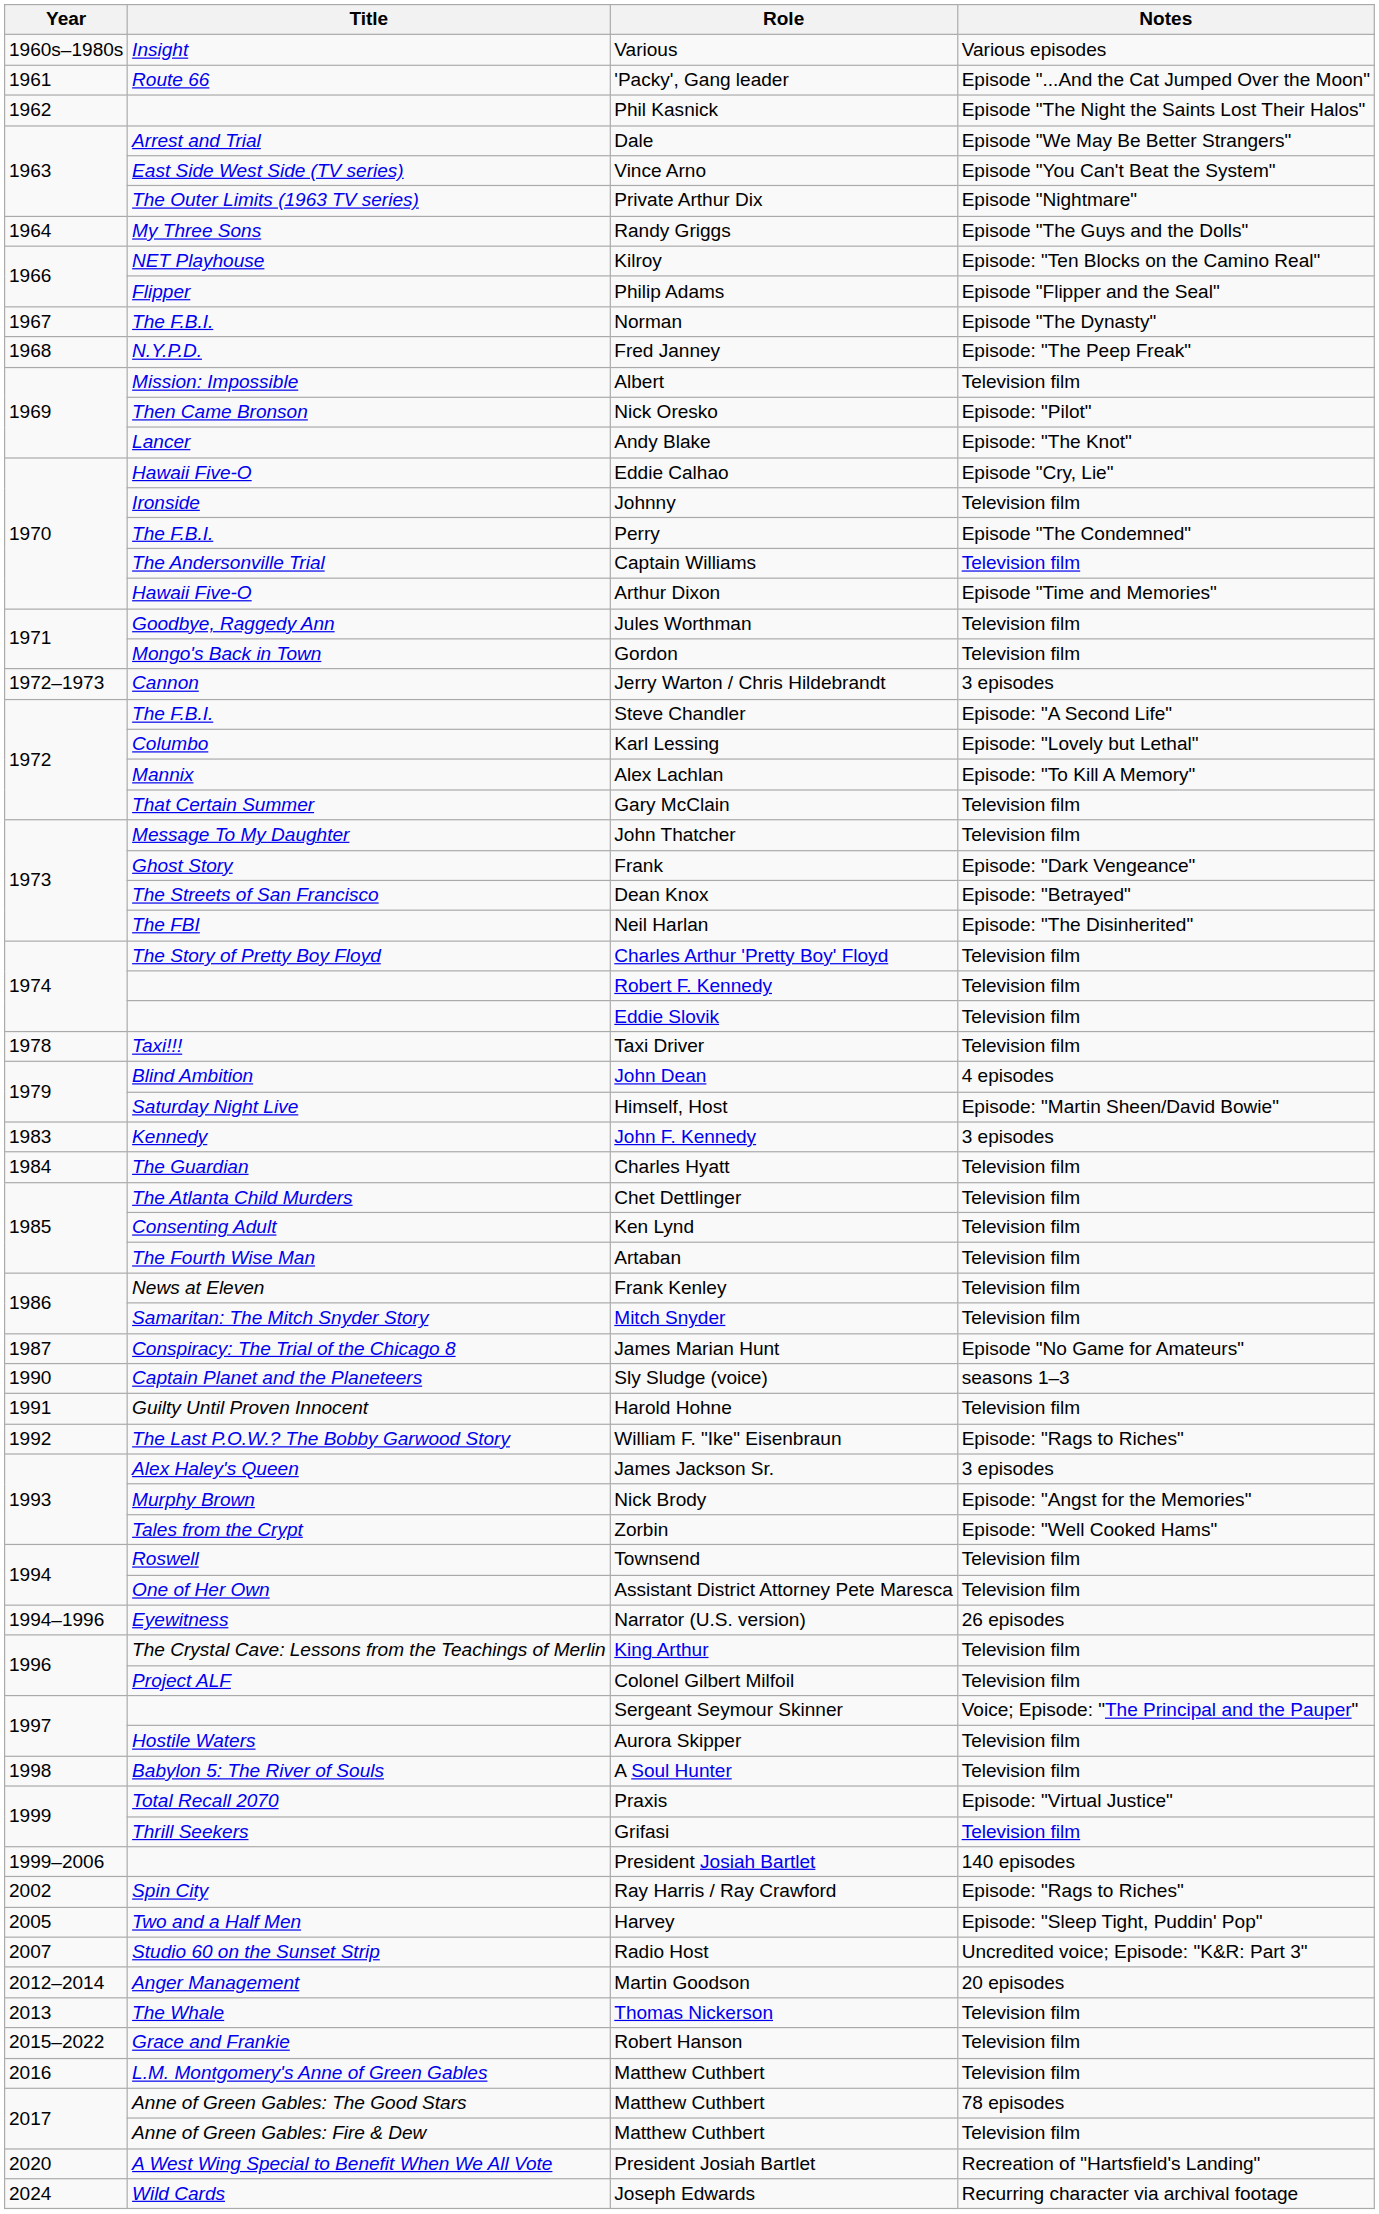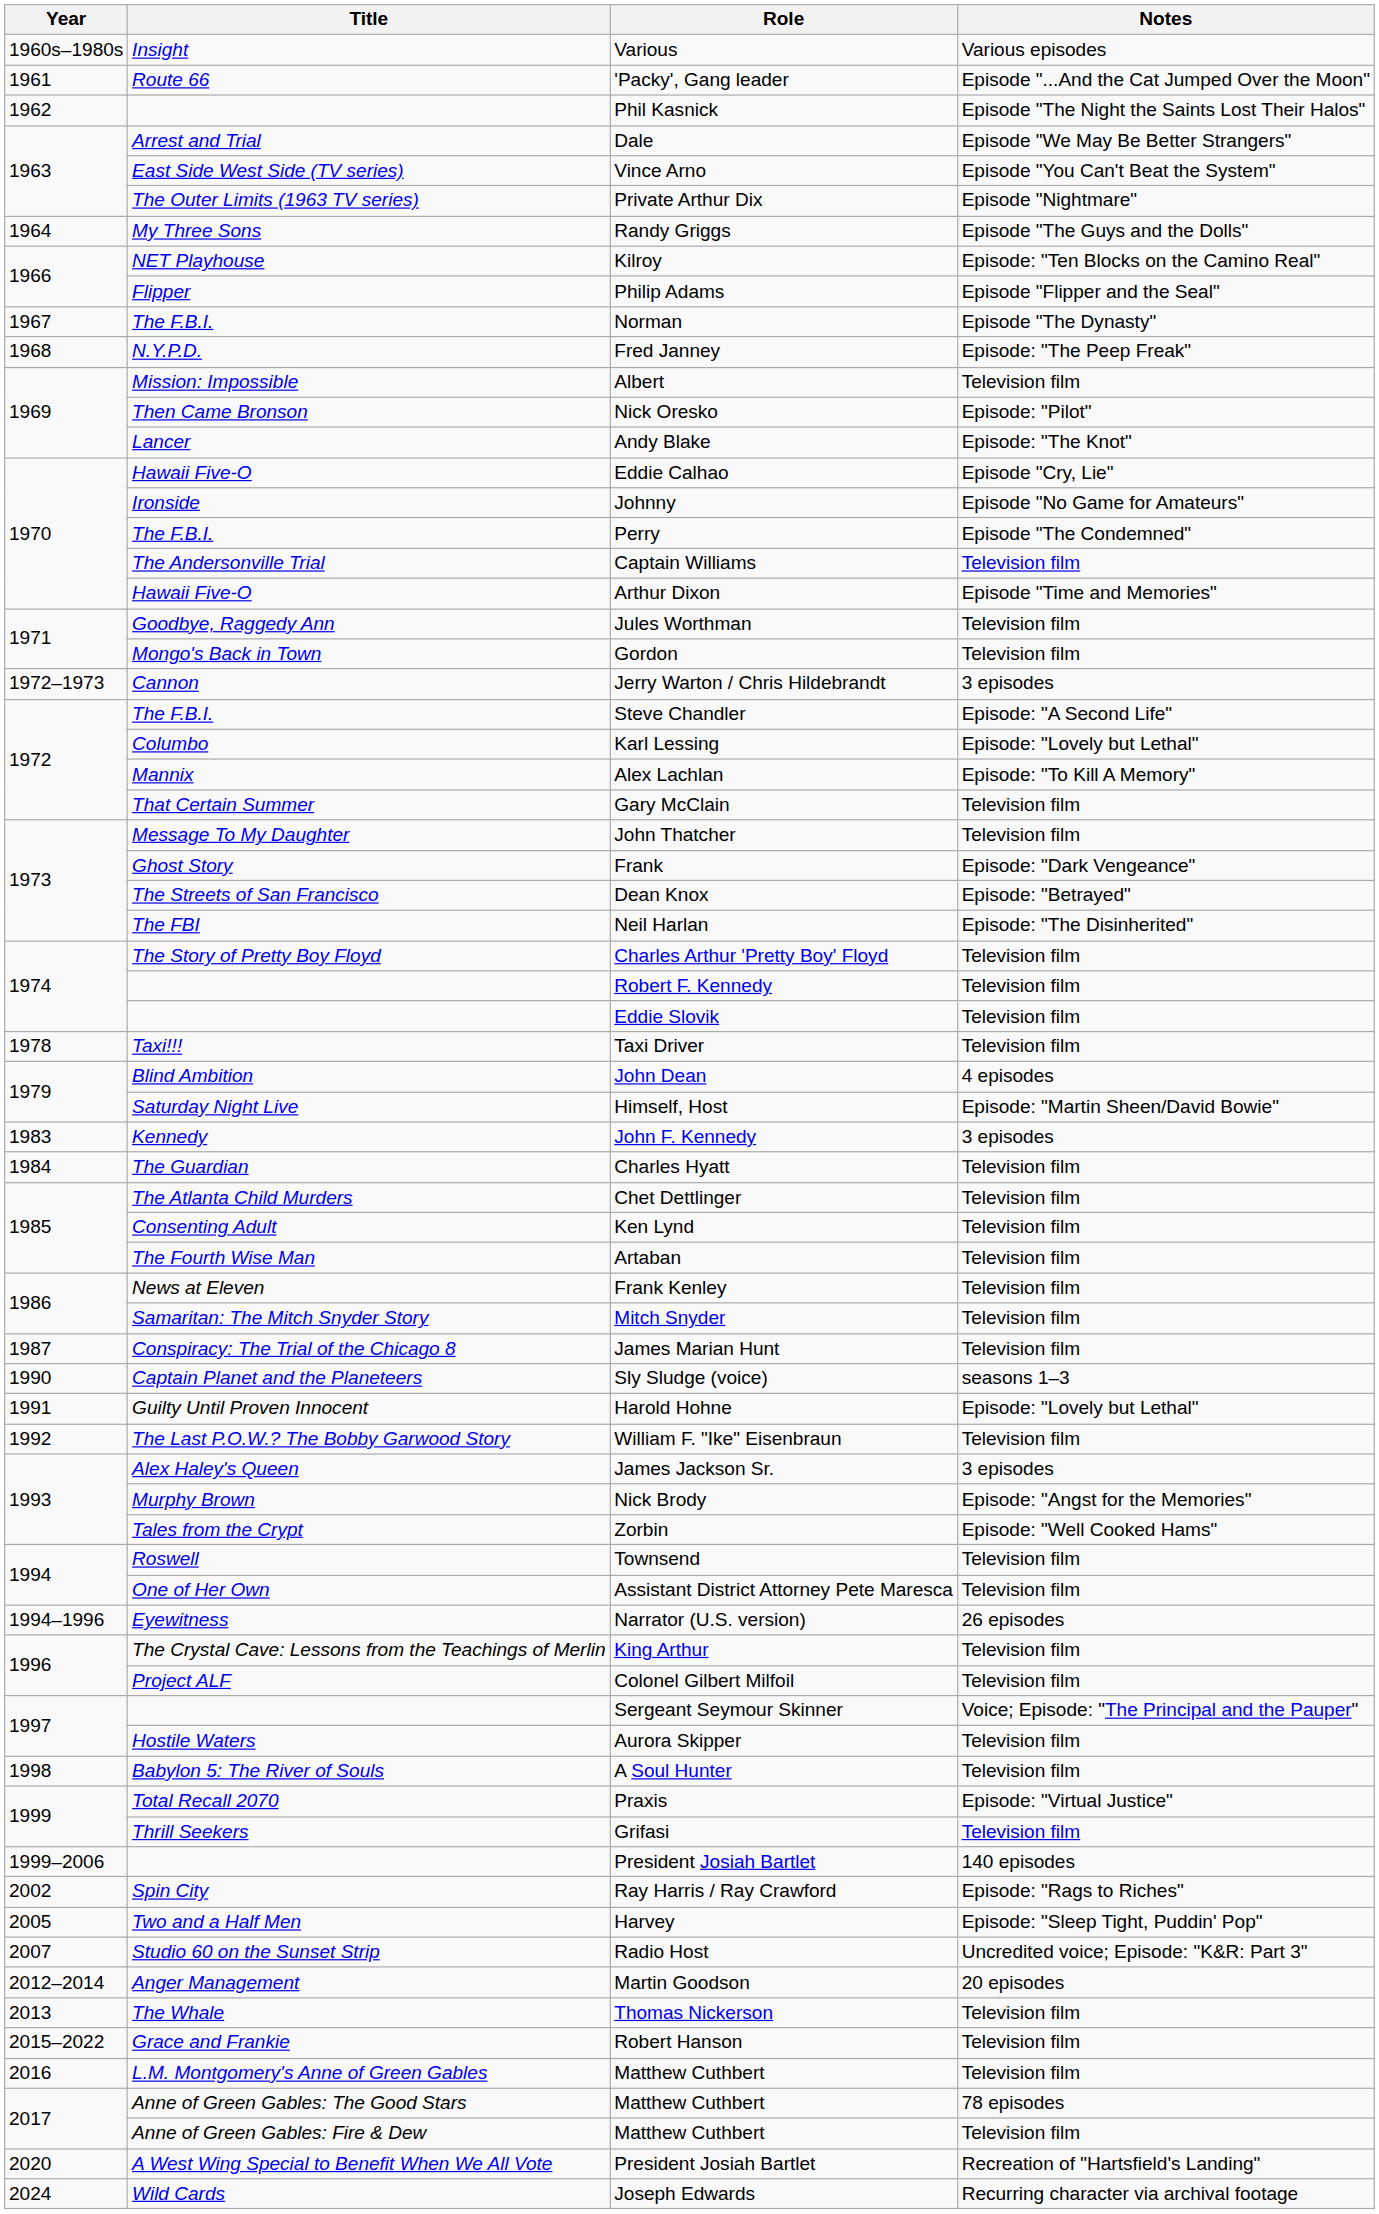 <table class="wikitable sortable">
 <tr>
 <th>Year</th>
 <th>Title</th>
 <th>Role</th>
 <th>Notes</th>
 </tr>
 <tr>
 <td>1960s–1980s</td>
 <td><em><a href='#'>Insight</a></em></td>
 <td>Various</td>
 <td>Various episodes</td>
 </tr>
 <tr>
 <td>1961</td>
 <td><em><a href='#'>Route 66</a></em></td>
 <td>'Packy', Gang leader</td>
 <td>Episode "...And the Cat Jumped Over the Moon"</td>
 </tr>
 <tr>
 <td>1962</td>
 <td><em></em></td>
 <td>Phil Kasnick</td>
 <td>Episode "The Night the Saints Lost Their Halos"</td>
 </tr>
 <tr>
 <td rowspan="3">1963</td>
 <td><em><a href='#'>Arrest and Trial</a></em></td>
 <td>Dale</td>
 <td>Episode "We May Be Better Strangers"</td>
 </tr>
 <tr>
 <td><em><a href='#'>East Side West Side (TV series)</a></em></td>
 <td>Vince Arno</td>
 <td>Episode "You Can't Beat the System"</td>
 </tr>
 <tr>
 <td><em><a href='#'>The Outer Limits (1963 TV series)</a></em></td>
 <td>Private Arthur Dix</td>
 <td>Episode "Nightmare"</td>
 </tr>
 <tr>
 <td>1964</td>
 <td><em><a href='#'>My Three Sons</a></em></td>
 <td>Randy Griggs</td>
 <td>Episode "The Guys and the Dolls"</td>
 </tr>
 <tr>
 <td rowspan="2">1966</td>
 <td><em><a href='#'>NET Playhouse</a></em></td>
 <td>Kilroy</td>
 <td>Episode: "Ten Blocks on the Camino Real"</td>
 </tr>
 <tr>
 <td><em><a href='#'>Flipper</a></em></td>
 <td>Philip Adams</td>
 <td>Episode "Flipper and the Seal"</td>
 </tr>
 <tr>
 <td>1967</td>
 <td><em><a href='#'>The F.B.I.</a></em></td>
 <td>Norman</td>
 <td>Episode "The Dynasty"</td>
 </tr>
 <tr>
 <td>1968</td>
 <td><em><a href='#'>N.Y.P.D.</a></em></td>
 <td>Fred Janney</td>
 <td>Episode: "The Peep Freak"</td>
 </tr>
 <tr>
 <td rowspan="3">1969</td>
 <td><em><a href='#'>Mission: Impossible</a></em></td>
 <td>Albert</td>
 <td>Television film</td>
 </tr>
 <tr>
 <td><em><a href='#'>Then Came Bronson</a></em></td>
 <td>Nick Oresko</td>
 <td>Episode: "Pilot"</td>
 </tr>
 <tr>
 <td><em><a href='#'>Lancer</a></em></td>
 <td>Andy Blake</td>
 <td>Episode: "The Knot"</td>
 </tr>
 <tr>
 <td rowspan="5”">1970</td>
 <td><em><a href='#'>Hawaii Five-O</a></em></td>
 <td>Eddie Calhao</td>
 <td>Episode "Cry, Lie"</td>
 </tr>
 <tr>
 <td><em><a href='#'>Ironside</a></em></td>
 <td>Johnny</td>
-<td>Television film</td>
+<td>Episode "No Game for Amateurs"</td>
 </tr>
 <tr>
 <td><em><a href='#'>The F.B.I.</a></em></td>
 <td>Perry</td>
 <td>Episode "The Condemned"</td>
 </tr>
 <tr>
 <td><em><a href='#'>The Andersonville Trial</a></em></td>
 <td>Captain Williams</td>
 <td><a href='#'>Television film</a></td>
 </tr>
 <tr>
 <td><em><a href='#'>Hawaii Five-O</a></em></td>
 <td>Arthur Dixon</td>
 <td>Episode "Time and Memories"</td>
 </tr>
 <tr>
 <td rowspan="2">1971</td>
 <td><em><a href='#'>Goodbye, Raggedy Ann</a></em></td>
 <td>Jules Worthman</td>
 <td>Television film</td>
 </tr>
 <tr>
 <td><em><a href='#'>Mongo's Back in Town</a></em></td>
 <td>Gordon</td>
 <td>Television film</td>
 </tr>
 <tr>
 <td>1972–1973</td>
 <td><em><a href='#'>Cannon</a></em></td>
 <td>Jerry Warton / Chris Hildebrandt</td>
 <td>3 episodes</td>
 </tr>
 <tr>
 <td rowspan="4”">1972</td>
 <td><em><a href='#'>The F.B.I.</a></em></td>
 <td>Steve Chandler</td>
 <td>Episode: "A Second Life"</td>
 </tr>
 <tr>
 <td><em><a href='#'>Columbo</a></em></td>
 <td>Karl Lessing</td>
 <td>Episode: "Lovely but Lethal"</td>
 </tr>
 <tr>
 <td><em><a href='#'>Mannix</a></em></td>
 <td>Alex Lachlan</td>
 <td>Episode: "To Kill A Memory"</td>
 </tr>
 <tr>
 <td><em><a href='#'>That Certain Summer</a></em></td>
 <td>Gary McClain</td>
 <td>Television film</td>
 </tr>
 <tr>
 <td rowspan="4">1973</td>
 <td><em><a href='#'>Message To My Daughter</a></em></td>
 <td>John Thatcher</td>
 <td>Television film</td>
 </tr>
 <tr>
 <td><em><a href='#'>Ghost Story</a></em></td>
 <td>Frank</td>
 <td>Episode: "Dark Vengeance"</td>
 </tr>
 <tr>
 <td><em><a href='#'>The Streets of San Francisco</a></em></td>
 <td>Dean Knox</td>
 <td>Episode: "Betrayed"</td>
 </tr>
 <tr>
 <td><em><a href='#'>The FBI</a></em></td>
 <td>Neil Harlan</td>
 <td>Episode: "The Disinherited"</td>
 </tr>
 <tr>
 <td rowspan="3">1974</td>
 <td><em><a href='#'>The Story of Pretty Boy Floyd</a></em></td>
 <td><a href='#'>Charles Arthur 'Pretty Boy' Floyd</a></td>
 <td>Television film</td>
 </tr>
 <tr>
 <td><em></em></td>
 <td><a href='#'>Robert F. Kennedy</a></td>
 <td>Television film</td>
 </tr>
 <tr>
 <td><em></em></td>
 <td><a href='#'>Eddie Slovik</a></td>
 <td>Television film</td>
 </tr>
 <tr>
 <td>1978</td>
 <td><em><a href='#'>Taxi!!!</a></em></td>
 <td>Taxi Driver</td>
 <td>Television film</td>
 </tr>
 <tr>
 <td rowspan="2">1979</td>
 <td><em><a href='#'>Blind Ambition</a></em></td>
 <td><a href='#'>John Dean</a></td>
 <td>4 episodes</td>
 </tr>
 <tr>
 <td><em><a href='#'>Saturday Night Live</a></em></td>
 <td>Himself, Host</td>
 <td>Episode: "Martin Sheen/David Bowie"</td>
 </tr>
 <tr>
 <td>1983</td>
 <td><em><a href='#'>Kennedy</a></em></td>
 <td><a href='#'>John F. Kennedy</a></td>
 <td>3 episodes</td>
 </tr>
 <tr>
 <td>1984</td>
 <td><em><a href='#'>The Guardian</a></em></td>
 <td>Charles Hyatt</td>
 <td>Television film</td>
 </tr>
 <tr>
 <td rowspan="3">1985</td>
 <td><em><a href='#'>The Atlanta Child Murders</a></em></td>
 <td>Chet Dettlinger</td>
 <td>Television film</td>
 </tr>
 <tr>
 <td><em><a href='#'>Consenting Adult</a></em></td>
 <td>Ken Lynd</td>
 <td>Television film</td>
 </tr>
 <tr>
 <td><em><a href='#'>The Fourth Wise Man</a></em></td>
 <td>Artaban</td>
 <td>Television film</td>
 </tr>
 <tr>
 <td rowspan="2">1986</td>
 <td><em>News at Eleven</em></td>
 <td>Frank Kenley</td>
 <td>Television film</td>
 </tr>
 <tr>
 <td><em><a href='#'>Samaritan: The Mitch Snyder Story</a></em></td>
 <td><a href='#'>Mitch Snyder</a></td>
 <td>Television film</td>
 </tr>
 <tr>
 <td>1987</td>
 <td><em><a href='#'>Conspiracy: The Trial of the Chicago 8</a></em></td>
 <td>James Marian Hunt</td>
-<td>Episode "No Game for Amateurs"</td>
+<td>Television film</td>
 </tr>
 <tr>
 <td>1990</td>
 <td><em><a href='#'>Captain Planet and the Planeteers</a></em></td>
 <td>Sly Sludge (voice)</td>
 <td>seasons 1–3</td>
 </tr>
 <tr>
 <td>1991</td>
 <td><em>Guilty Until Proven Innocent</em></td>
 <td>Harold Hohne</td>
-<td>Television film</td>
+<td>Episode: "Lovely but Lethal"</td>
 </tr>
 <tr>
 <td>1992</td>
 <td><em><a href='#'>The Last P.O.W.? The Bobby Garwood Story</a></em></td>
 <td>William F. "Ike" Eisenbraun</td>
-<td>Episode: "Rags to Riches"</td>
+<td>Television film</td>
 </tr>
 <tr>
 <td rowspan="3">1993</td>
 <td><em><a href='#'>Alex Haley's Queen</a></em></td>
 <td>James Jackson Sr.</td>
 <td>3 episodes</td>
 </tr>
 <tr>
 <td><em><a href='#'>Murphy Brown</a></em></td>
 <td>Nick Brody</td>
 <td>Episode: "Angst for the Memories"</td>
 </tr>
 <tr>
 <td><em><a href='#'>Tales from the Crypt</a></em></td>
 <td>Zorbin</td>
 <td>Episode: "Well Cooked Hams"</td>
 </tr>
 <tr>
 <td rowspan="2">1994</td>
 <td><em><a href='#'>Roswell</a></em></td>
 <td>Townsend</td>
 <td>Television film</td>
 </tr>
 <tr>
 <td><em><a href='#'>One of Her Own</a></em></td>
 <td>Assistant District Attorney Pete Maresca</td>
 <td>Television film</td>
 </tr>
 <tr>
 <td>1994–1996</td>
 <td><em><a href='#'>Eyewitness</a></em></td>
 <td>Narrator (U.S. version)</td>
 <td>26 episodes</td>
 </tr>
 <tr>
 <td rowspan="2">1996</td>
 <td><em>The Crystal Cave: Lessons from the Teachings of Merlin</em></td>
 <td><a href='#'>King Arthur</a></td>
 <td>Television film</td>
 </tr>
 <tr>
 <td><em><a href='#'>Project ALF</a></em></td>
 <td>Colonel Gilbert Milfoil</td>
 <td>Television film</td>
 </tr>
 <tr>
 <td rowspan="2">1997</td>
 <td><em></em></td>
 <td>Sergeant Seymour Skinner</td>
 <td>Voice; Episode: "<a href='#'>The Principal and the Pauper</a>"</td>
 </tr>
 <tr>
 <td><em><a href='#'>Hostile Waters</a></em></td>
 <td>Aurora Skipper</td>
 <td>Television film</td>
 </tr>
 <tr>
 <td>1998</td>
 <td><em><a href='#'>Babylon 5: The River of Souls</a></em></td>
 <td>A <a href='#'>Soul Hunter</a></td>
 <td>Television film</td>
 </tr>
 <tr>
 <td rowspan="2">1999</td>
 <td><em><a href='#'>Total Recall 2070</a></em></td>
 <td>Praxis</td>
 <td>Episode: "Virtual Justice"</td>
 </tr>
 <tr>
 <td><em><a href='#'>Thrill Seekers</a></em></td>
 <td>Grifasi</td>
 <td><a href='#'>Television film</a></td>
 </tr>
 <tr>
 <td>1999–2006</td>
 <td><em></em></td>
 <td>President <a href='#'>Josiah Bartlet</a></td>
 <td>140 episodes</td>
 </tr>
 <tr>
 <td>2002</td>
 <td><em><a href='#'>Spin City</a></em></td>
 <td>Ray Harris / Ray Crawford</td>
 <td>Episode: "Rags to Riches"</td>
 </tr>
 <tr>
 <td>2005</td>
 <td><em><a href='#'>Two and a Half Men</a></em></td>
 <td>Harvey</td>
 <td>Episode: "Sleep Tight, Puddin' Pop"</td>
 </tr>
 <tr>
 <td>2007</td>
 <td><em><a href='#'>Studio 60 on the Sunset Strip</a></em></td>
 <td>Radio Host</td>
 <td>Uncredited voice; Episode: "K&R: Part 3"</td>
 </tr>
 <tr>
 <td>2012–2014</td>
 <td><em><a href='#'>Anger Management</a></em></td>
 <td>Martin Goodson</td>
 <td>20 episodes</td>
 </tr>
 <tr>
 <td>2013</td>
 <td><em><a href='#'>The Whale</a></em></td>
 <td><a href='#'>Thomas Nickerson</a></td>
 <td>Television film</td>
 </tr>
 <tr>
 <td>2015–2022</td>
 <td><em><a href='#'>Grace and Frankie</a></em></td>
 <td>Robert Hanson</td>
 <td>Television film</td>
 </tr>
 <tr>
 <td>2016</td>
 <td><em><a href='#'>L.M. Montgomery's Anne of Green Gables</a></em></td>
 <td>Matthew Cuthbert</td>
 <td>Television film</td>
 </tr>
 <tr>
 <td rowspan="2">2017</td>
 <td><em>Anne of Green Gables: The Good Stars</em></td>
 <td>Matthew Cuthbert</td>
 <td>78 episodes</td>
 </tr>
 <tr>
 <td><em>Anne of Green Gables: Fire & Dew</em></td>
 <td>Matthew Cuthbert</td>
 <td>Television film</td>
 </tr>
 <tr>
 <td>2020</td>
 <td><em><a href='#'>A West Wing Special to Benefit When We All Vote</a></em></td>
 <td>President Josiah Bartlet</td>
 <td>Recreation of "Hartsfield's Landing"</td>
 </tr>
 <tr>
 <td>2024</td>
 <td><em><a href='#'>Wild Cards</a></em></td>
 <td>Joseph Edwards</td>
 <td>Recurring character via archival footage</td>
 </tr>
 </table>
